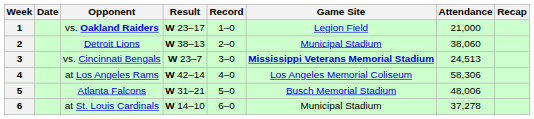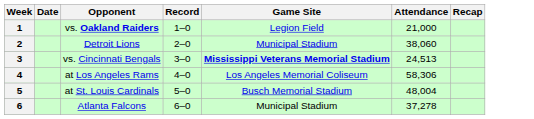 <table class="wikitable" style="text-align:center">
 <tr>
 <th>Week</th>
 <th>Date</th>
 <th>Opponent</th>
-<th>Result</th>
 <th>Record</th>
 <th>Game Site</th>
 <th>Attendance</th>
 <th>Recap</th>
 </tr>
 <tr style="background:#cfc">
 <th>1</th>
 <td></td>
 <td>vs. <strong><a href='#'>Oakland Raiders</a></strong></td>
-<td><strong>W</strong> 23–17</td>
 <td>1–0</td>
 <td><a href='#'>Legion Field</a> </td>
 <td>21,000</td>
 <td></td>
 </tr>
 <tr style="background:#cfc">
 <th>2</th>
 <td></td>
 <td><a href='#'>Detroit Lions</a></td>
-<td><strong>W</strong> 38–13</td>
 <td>2–0</td>
 <td><a href='#'>Municipal Stadium</a></td>
 <td>38,060</td>
 <td></td>
 </tr>
 <tr style="background:#cfc">
 <th>3</th>
 <td></td>
 <td>vs. <a href='#'>Cincinnati Bengals</a></td>
-<td><strong>W</strong> 23–7</td>
 <td>3–0</td>
 <td><strong><a href='#'>Mississippi Veterans Memorial Stadium</a> </strong></td>
 <td>24,513</td>
 <td></td>
 </tr>
 <tr style="background:#cfc">
 <th>4</th>
 <td></td>
 <td>at <a href='#'>Los Angeles Rams</a></td>
-<td><strong>W</strong> 42–14</td>
 <td>4–0</td>
 <td><a href='#'>Los Angeles Memorial Coliseum</a></td>
 <td>58,306</td>
 <td></td>
 </tr>
 <tr style="background:#cfc">
 <th>5</th>
 <td></td>
-<td><a href='#'>Atlanta Falcons</a></td>
-<td><strong>W</strong> 31–21</td>
+<td>at <a href='#'>St. Louis Cardinals</a></td>
 <td>5–0</td>
 <td><a href='#'>Busch Memorial Stadium</a></td>
-<td>48,006</td>
+<td>48,004</td>
 <td></td>
 </tr>
 <tr style="background: #cfc;" align="center">
 <th>6</th>
 <td></td>
-<td>at <a href='#'>St. Louis Cardinals</a></td>
-<td><strong>W</strong> 14–10</td>
+<td><a href='#'>Atlanta Falcons</a></td>
 <td>6–0</td>
 <td>Municipal Stadium</td>
 <td>37,278</td>
 <td></td>
 </tr>
 </table>
